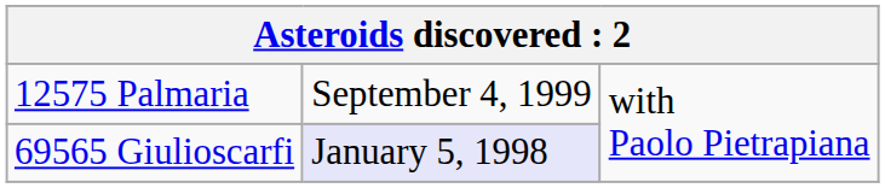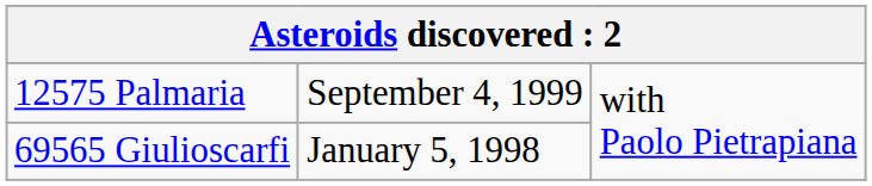 <table class="wikitable" align="right" style="margin: 1em; margin-top: 0;">
 <tr>
 <th colspan="3"><a href='#'>Asteroids</a> discovered : 2</th>
 </tr>
 <tr>
 <td><a href='#'>12575 Palmaria</a></td>
 <td>September 4, 1999</td>
 <td rowspan="2">with<br> <a href='#'>Paolo Pietrapiana</a></td>
 </tr>
 <tr>
 <td><a href='#'>69565 Giulioscarfi</a></td>
-<td style="background: lavender;">January 5, 1998</td>
+<td>January 5, 1998</td>
 </tr>
 </table>
